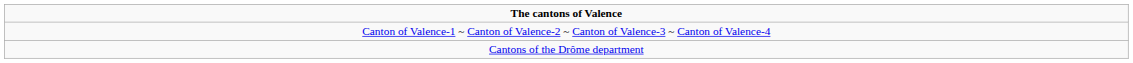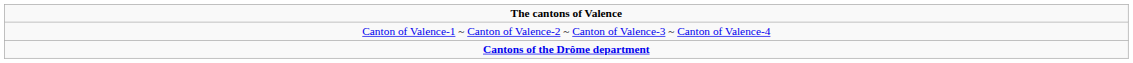 <table border="1" width=100% style="text-align: center;" class="wikitable">
 <tr>
 <td style="text-align: center;" background: #ece5ca><strong>The cantons of Valence</strong></td>
 </tr>
 <tr>
 <td><a href='#'>Canton of Valence-1</a> ~ <a href='#'>Canton of Valence-2</a> ~ <a href='#'>Canton of Valence-3</a> ~ <a href='#'>Canton of Valence-4</a></td>
 </tr>
 <tr>
-<td style="text-align: center;" background: #ece5ca><a href='#'>Cantons of the Drôme department</a></td>
+<td style="text-align: center;" background: #ece5ca><strong><a href='#'>Cantons of the Drôme department</a></strong></td>
 </tr>
 </table>
